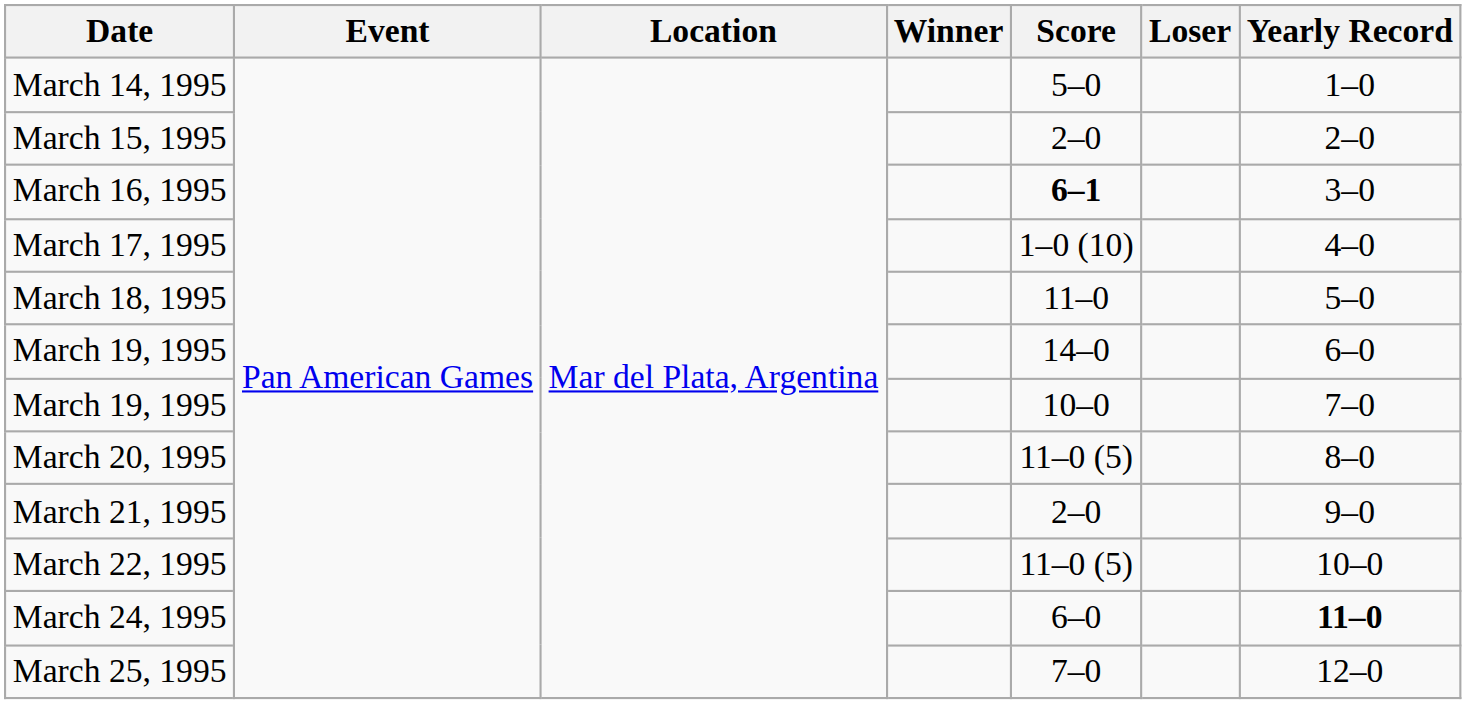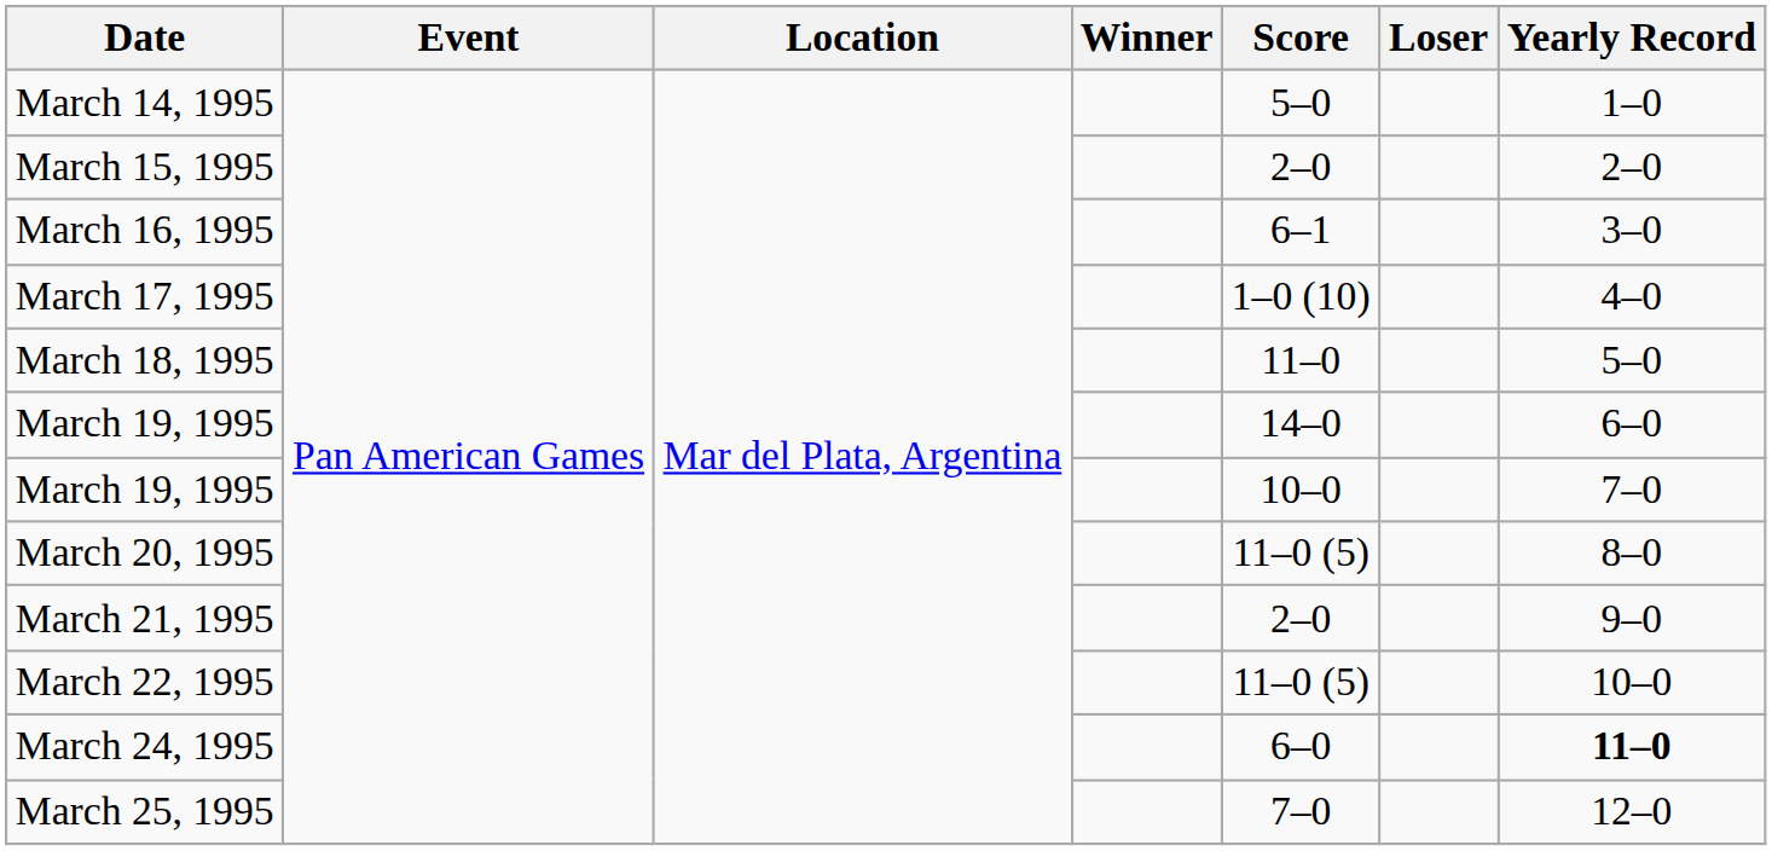 <table class="wikitable">
 <tr>
 <th>Date</th>
 <th>Event</th>
 <th>Location</th>
 <th>Winner</th>
 <th>Score</th>
 <th>Loser</th>
 <th>Yearly Record</th>
 </tr>
 <tr align=center>
 <td>March 14, 1995</td>
 <td rowspan=12><a href='#'>Pan American Games</a></td>
 <td rowspan=12><a href='#'>Mar del Plata, Argentina</a></td>
 <td></td>
 <td>5–0</td>
 <td></td>
 <td>1–0</td>
 </tr>
 <tr align=center>
 <td>March 15, 1995</td>
 <td></td>
 <td>2–0</td>
 <td></td>
 <td>2–0</td>
 </tr>
 <tr align=center>
 <td>March 16, 1995</td>
 <td></td>
-<td><strong>6–1</strong></td>
+<td>6–1</td>
 <td></td>
 <td>3–0</td>
 </tr>
 <tr align=center>
 <td>March 17, 1995</td>
 <td></td>
 <td>1–0 (10)</td>
 <td></td>
 <td>4–0</td>
 </tr>
 <tr align=center>
 <td>March 18, 1995</td>
 <td></td>
 <td>11–0</td>
 <td></td>
 <td>5–0</td>
 </tr>
 <tr align=center>
 <td>March 19, 1995</td>
 <td></td>
 <td>14–0</td>
 <td></td>
 <td>6–0</td>
 </tr>
 <tr align=center>
 <td>March 19, 1995</td>
 <td></td>
 <td>10–0</td>
 <td></td>
 <td>7–0</td>
 </tr>
 <tr align=center>
 <td>March 20, 1995</td>
 <td></td>
 <td>11–0 (5)</td>
 <td></td>
 <td>8–0</td>
 </tr>
 <tr align=center>
 <td>March 21, 1995</td>
 <td></td>
 <td>2–0</td>
 <td></td>
 <td>9–0</td>
 </tr>
 <tr align=center>
 <td>March 22, 1995</td>
 <td></td>
 <td>11–0 (5)</td>
 <td></td>
 <td>10–0</td>
 </tr>
 <tr align=center>
 <td>March 24, 1995</td>
 <td></td>
 <td>6–0</td>
 <td></td>
 <td><strong>11–0</strong></td>
 </tr>
 <tr align=center>
 <td>March 25, 1995</td>
 <td></td>
 <td>7–0</td>
 <td></td>
 <td>12–0</td>
 </tr>
 </table>
